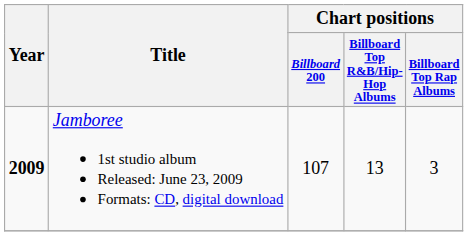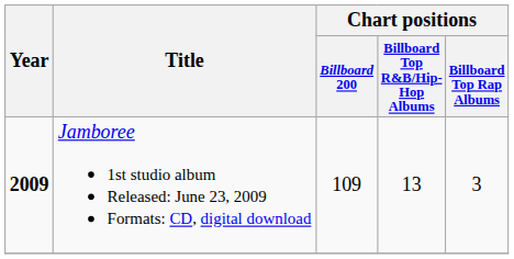 <table class="wikitable">
 <tr>
 <th rowspan="2">Year</th>
 <th rowspan="2">Title</th>
 <th colspan="7">Chart positions</th>
 </tr>
 <tr>
 <th style="width:4em;font-size:70%"><a href='#'><em>Billboard</em> 200</a></th>
 <th style="width:4em;font-size:70%"><a href='#'>Billboard Top R&B/Hip-Hop Albums</a></th>
 <th style="width:4em;font-size:70%"><br><a href='#'>Billboard<br>Top Rap Albums</a></th>
 </tr>
 <tr>
 <td><strong>2009</strong></td>
 <td><em><a href='#'>Jamboree</a></em><br><ul><li><small>1st studio album</small></li><li><small>Released: June 23, 2009</small></li><li><small>Formats: <a href='#'>CD</a>, <a href='#'>digital download</a></small></li></ul></td>
-<td align="center">107</td>
+<td align="center">109</td>
 <td align="center">13</td>
 <td align="center">3</td>
 </tr>
 <tr>
 </tr>
 </table>
